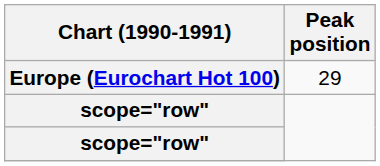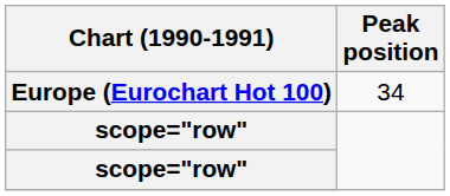 <table class="wikitable sortable plainrowheaders">
 <tr>
 <th>Chart (1990-1991)</th>
 <th>Peak<br>position</th>
 </tr>
 <tr>
 <th scope="row">Europe (<a href='#'>Eurochart Hot 100</a>)</th>
-<td align="center">29</td>
+<td align="center">34</td>
 </tr>
 <tr>
 <th>scope="row"</th>
 </tr>
 <tr>
 <th>scope="row"</th>
 </tr>
 <tr>
 </tr>
 </table>
